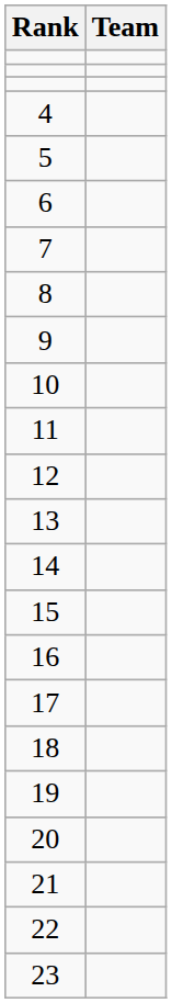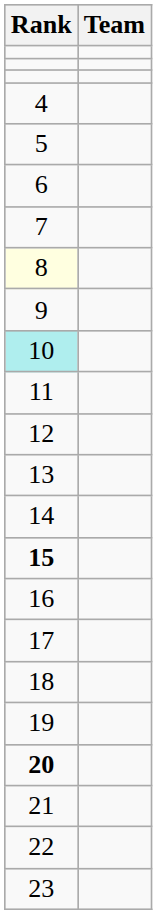 <table class="wikitable">
 <tr>
 <th>Rank</th>
 <th>Team</th>
 </tr>
 <tr>
 <td align=center></td>
 <td></td>
 </tr>
 <tr>
 <td align=center></td>
 <td></td>
 </tr>
 <tr>
 <td align=center></td>
 <td></td>
 </tr>
 <tr>
 <td align=center>4</td>
 <td></td>
 </tr>
 <tr>
 <td align=center>5</td>
 <td></td>
 </tr>
 <tr>
 <td align=center>6</td>
 <td></td>
 </tr>
 <tr>
 <td align=center>7</td>
 <td></td>
 </tr>
 <tr>
-<td align=center>8</td>
+<td align=center style="background: lightyellow;">8</td>
 <td></td>
 </tr>
 <tr>
 <td align=center>9</td>
 <td></td>
 </tr>
 <tr>
-<td align=center>10</td>
+<td align=center style="background: paleturquoise;">10</td>
 <td></td>
 </tr>
 <tr>
 <td align=center>11</td>
 <td></td>
 </tr>
 <tr>
 <td align=center>12</td>
 <td></td>
 </tr>
 <tr>
 <td align=center>13</td>
 <td></td>
 </tr>
 <tr>
 <td align=center>14</td>
 <td></td>
 </tr>
 <tr>
-<td align=center>15</td>
+<td align=center><strong>15</strong></td>
 <td></td>
 </tr>
 <tr>
 <td align=center>16</td>
 <td></td>
 </tr>
 <tr>
 <td align=center>17</td>
 <td></td>
 </tr>
 <tr>
 <td align=center>18</td>
 <td></td>
 </tr>
 <tr>
 <td align=center>19</td>
 <td></td>
 </tr>
 <tr>
-<td align=center>20</td>
+<td align=center><strong>20</strong></td>
 <td></td>
 </tr>
 <tr>
 <td align=center>21</td>
 <td></td>
 </tr>
 <tr>
 <td align=center>22</td>
 <td></td>
 </tr>
 <tr>
 <td align=center>23</td>
 <td></td>
 </tr>
 <tr>
 </tr>
 </table>
